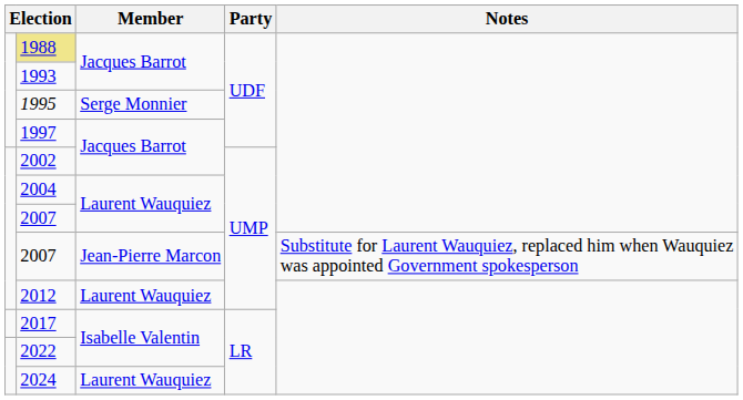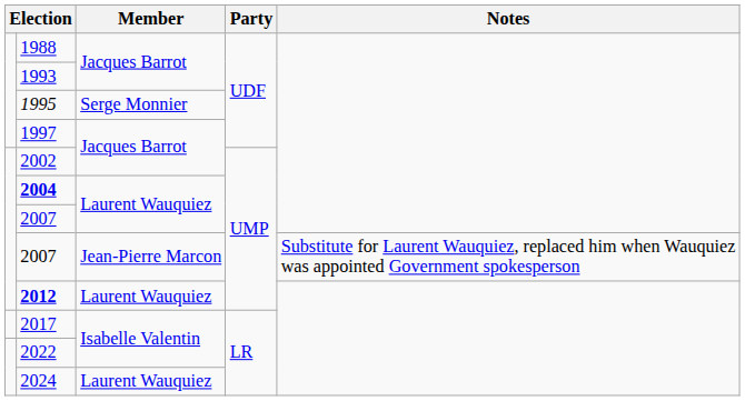 <table class="wikitable">
 <tr>
 <th colspan="2">Election</th>
 <th>Member</th>
 <th>Party</th>
 <th>Notes</th>
 </tr>
 <tr>
 <td rowspan="4" style="color:inherit;background:"></td>
-<td style="background: khaki;"><a href='#'>1988</a></td>
+<td><a href='#'>1988</a></td>
 <td rowspan="2"><a href='#'>Jacques Barrot</a></td>
 <td rowspan="4"><a href='#'>UDF</a></td>
 </tr>
 <tr>
 <td><a href='#'>1993</a></td>
 </tr>
 <tr>
 <td><em>1995</em></td>
 <td><a href='#'>Serge Monnier</a></td>
 </tr>
 <tr>
 <td><a href='#'>1997</a></td>
 <td rowspan="2"><a href='#'>Jacques Barrot</a></td>
 </tr>
 <tr>
 <td rowspan="5" style="color:inherit;background:"></td>
 <td><a href='#'>2002</a></td>
 <td rowspan="5"><a href='#'>UMP</a></td>
 </tr>
 <tr>
-<td><a href='#'>2004</a></td>
+<td><strong><a href='#'>2004</a></strong></td>
 <td rowspan=2><a href='#'>Laurent Wauquiez</a></td>
 </tr>
 <tr>
 <td><a href='#'>2007</a></td>
 </tr>
 <tr>
 <td>2007</td>
 <td><a href='#'>Jean-Pierre Marcon</a></td>
 <td><a href='#'>Substitute</a> for <a href='#'>Laurent Wauquiez</a>, replaced him when Wauquiez<br>was appointed <a href='#'>Government spokesperson</a></td>
 </tr>
 <tr>
-<td><a href='#'>2012</a></td>
+<td><strong><a href='#'>2012</a></strong></td>
 <td><a href='#'>Laurent Wauquiez</a></td>
 </tr>
 <tr>
 <td style="color:inherit;background:"></td>
 <td><a href='#'>2017</a></td>
 <td rowspan="2"><a href='#'>Isabelle Valentin</a></td>
 <td rowspan="3"><a href='#'>LR</a></td>
 </tr>
 <tr>
 <td rowspan="2" style="color:inherit;background:"></td>
 <td><a href='#'>2022</a></td>
 </tr>
 <tr>
 <td><a href='#'>2024</a></td>
 <td><a href='#'>Laurent Wauquiez</a></td>
 </tr>
 </table>
